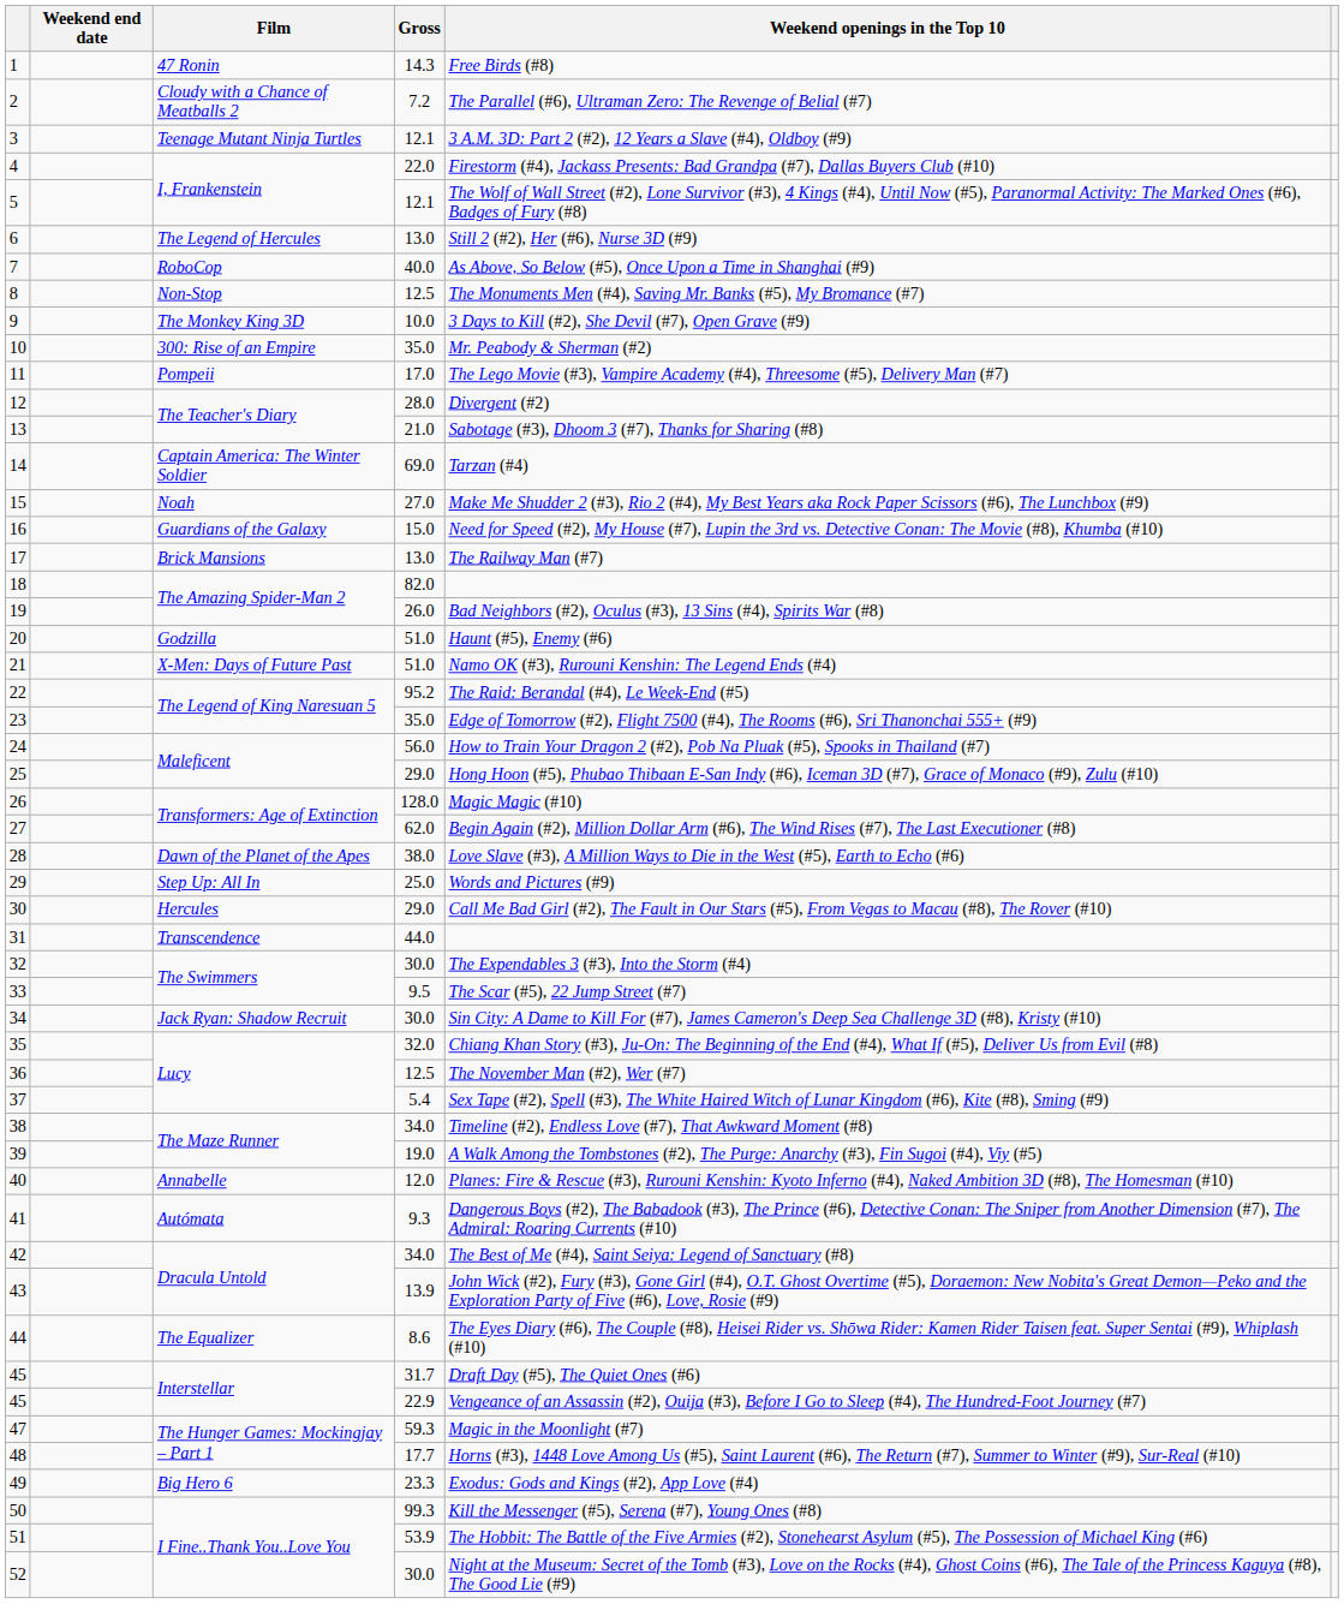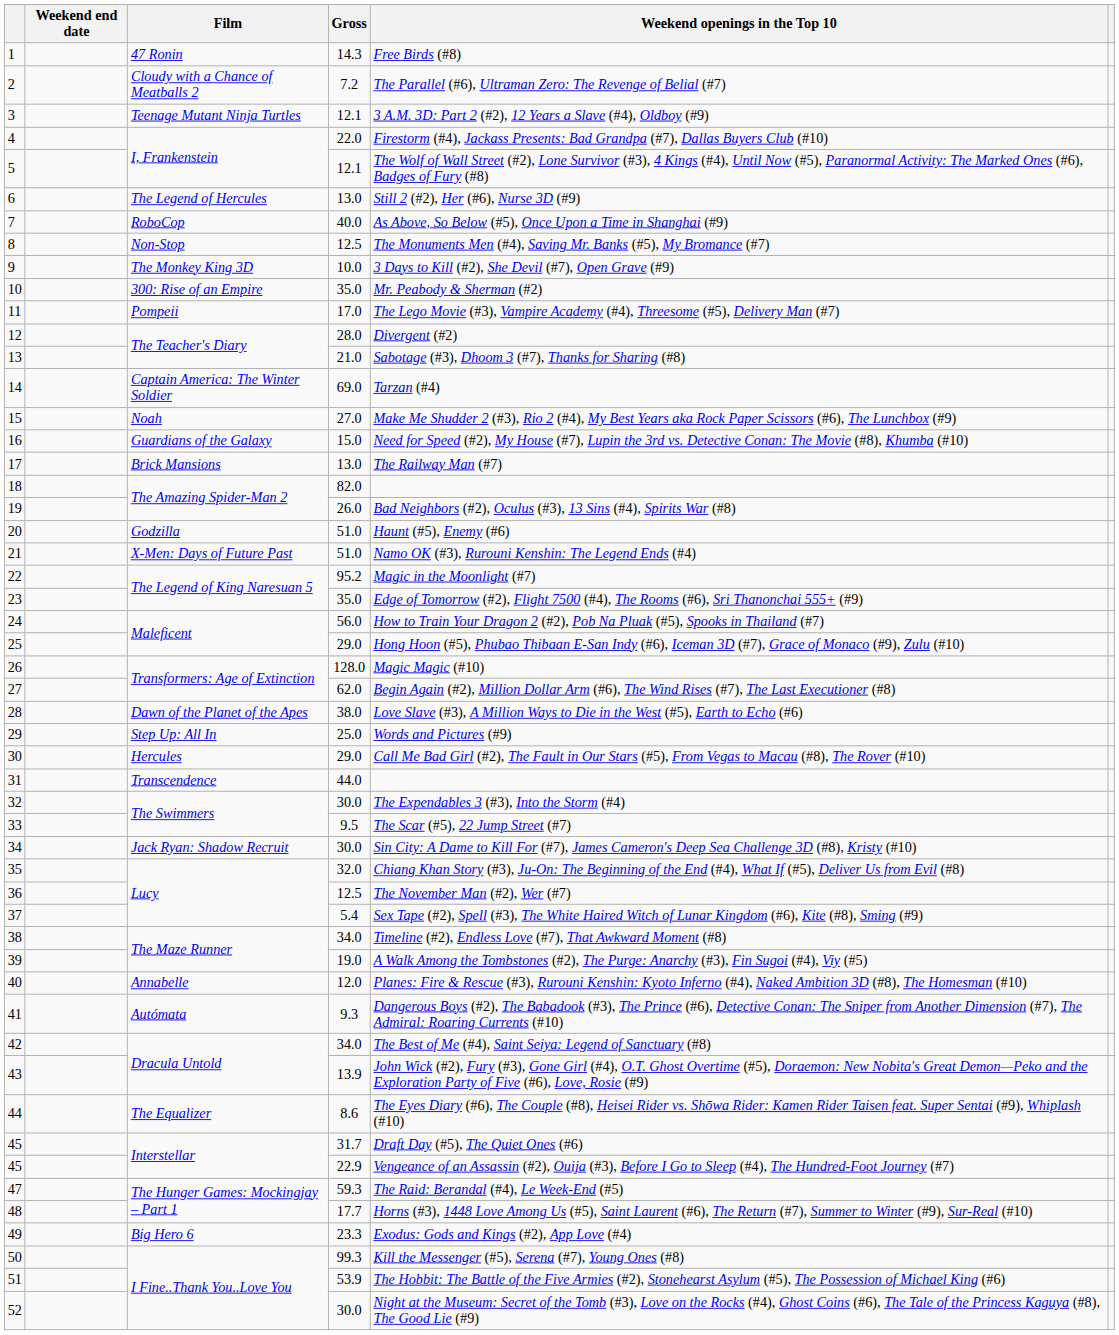 <table class="wikitable sortable">
 <tr>
 <th></th>
 <th>Weekend end date</th>
 <th>Film</th>
 <th>Gross<br></th>
 <th>Weekend openings in the Top 10</th>
 <th class="unsortable"></th>
 </tr>
 <tr>
 <td>1</td>
 <td></td>
 <td><em><a href='#'>47 Ronin</a></em></td>
 <td style="text-align:center;">14.3</td>
 <td><em><a href='#'>Free Birds</a></em> (#8)</td>
 <td style="text-align:center;"></td>
 </tr>
 <tr>
 <td>2</td>
 <td></td>
 <td><em><a href='#'>Cloudy with a Chance of Meatballs 2</a></em></td>
 <td style="text-align:center;">7.2</td>
 <td><em><a href='#'>The Parallel</a></em> (#6), <em><a href='#'>Ultraman Zero: The Revenge of Belial</a></em> (#7)</td>
 <td style="text-align:center;"></td>
 </tr>
 <tr>
 <td>3</td>
 <td></td>
 <td><em><a href='#'>Teenage Mutant Ninja Turtles</a></em></td>
 <td style="text-align:center;">12.1</td>
 <td><em><a href='#'>3 A.M. 3D: Part 2</a></em> (#2), <em><a href='#'>12 Years a Slave</a></em> (#4), <em><a href='#'>Oldboy</a></em> (#9)</td>
 <td style="text-align:center;"></td>
 </tr>
 <tr>
 <td>4</td>
 <td></td>
 <td rowspan=2><em><a href='#'>I, Frankenstein</a></em></td>
 <td style="text-align:center;">22.0</td>
 <td><em><a href='#'>Firestorm</a></em> (#4), <em><a href='#'>Jackass Presents: Bad Grandpa</a></em> (#7), <em><a href='#'>Dallas Buyers Club</a></em> (#10)</td>
 <td style="text-align:center;"></td>
 </tr>
 <tr>
 <td>5</td>
 <td></td>
 <td style="text-align:center;">12.1</td>
 <td><em><a href='#'>The Wolf of Wall Street</a></em> (#2), <em><a href='#'>Lone Survivor</a></em> (#3), <em><a href='#'>4 Kings</a></em> (#4), <em><a href='#'>Until Now</a></em> (#5), <em><a href='#'>Paranormal Activity: The Marked Ones</a></em> (#6), <em><a href='#'>Badges of Fury</a></em> (#8)</td>
 <td style="text-align:center;"></td>
 </tr>
 <tr>
 <td>6</td>
 <td></td>
 <td><em><a href='#'>The Legend of Hercules</a></em></td>
 <td style="text-align:center;">13.0</td>
 <td><em><a href='#'>Still 2</a></em> (#2), <em><a href='#'>Her</a></em> (#6), <em><a href='#'>Nurse 3D</a></em> (#9)</td>
 <td style="text-align:center;"></td>
 </tr>
 <tr>
 <td>7</td>
 <td></td>
 <td><em><a href='#'>RoboCop</a></em></td>
 <td style="text-align:center;">40.0</td>
 <td><em><a href='#'>As Above, So Below</a></em> (#5), <em><a href='#'>Once Upon a Time in Shanghai</a></em> (#9)</td>
 <td style="text-align:center;"></td>
 </tr>
 <tr>
 <td>8</td>
 <td></td>
 <td><em><a href='#'>Non-Stop</a></em></td>
 <td style="text-align:center;">12.5</td>
 <td><em><a href='#'>The Monuments Men</a></em> (#4), <em><a href='#'>Saving Mr. Banks</a></em> (#5), <em><a href='#'>My Bromance</a></em> (#7)</td>
 <td style="text-align:center;"></td>
 </tr>
 <tr>
 <td>9</td>
 <td></td>
 <td><em><a href='#'>The Monkey King 3D</a></em></td>
 <td style="text-align:center;">10.0</td>
 <td><em><a href='#'>3 Days to Kill</a></em> (#2), <em><a href='#'>She Devil</a></em> (#7), <em><a href='#'>Open Grave</a></em> (#9)</td>
 <td style="text-align:center;"></td>
 </tr>
 <tr>
 <td>10</td>
 <td></td>
 <td><em><a href='#'>300: Rise of an Empire</a></em></td>
 <td style="text-align:center;">35.0</td>
 <td><em><a href='#'>Mr. Peabody & Sherman</a></em> (#2)</td>
 <td style="text-align:center;"></td>
 </tr>
 <tr>
 <td>11</td>
 <td></td>
 <td><em><a href='#'>Pompeii</a></em></td>
 <td style="text-align:center;">17.0</td>
 <td><em><a href='#'>The Lego Movie</a></em> (#3), <em><a href='#'>Vampire Academy</a></em> (#4), <em><a href='#'>Threesome</a></em> (#5), <em><a href='#'>Delivery Man</a></em> (#7)</td>
 <td style="text-align:center;"></td>
 </tr>
 <tr>
 <td>12</td>
 <td></td>
 <td rowspan=2><em><a href='#'>The Teacher's Diary</a></em></td>
 <td style="text-align:center;">28.0</td>
 <td><em><a href='#'>Divergent</a></em> (#2)</td>
 <td style="text-align:center;"></td>
 </tr>
 <tr>
 <td>13</td>
 <td></td>
 <td style="text-align:center;">21.0</td>
 <td><em><a href='#'>Sabotage</a></em> (#3), <em><a href='#'>Dhoom 3</a></em> (#7), <em><a href='#'>Thanks for Sharing</a></em> (#8)</td>
 <td style="text-align:center;"></td>
 </tr>
 <tr>
 <td>14</td>
 <td></td>
 <td><em><a href='#'>Captain America: The Winter Soldier</a></em></td>
 <td style="text-align:center;">69.0</td>
 <td><em><a href='#'>Tarzan</a></em> (#4)</td>
 <td style="text-align:center;"></td>
 </tr>
 <tr>
 <td>15</td>
 <td></td>
 <td><em><a href='#'>Noah</a></em></td>
 <td style="text-align:center;">27.0</td>
 <td><em><a href='#'>Make Me Shudder 2</a></em> (#3), <em><a href='#'>Rio 2</a></em> (#4), <em><a href='#'>My Best Years aka Rock Paper Scissors</a></em> (#6), <em><a href='#'>The Lunchbox</a></em> (#9)</td>
 <td style="text-align:center;"></td>
 </tr>
 <tr>
 <td>16</td>
 <td></td>
 <td><em><a href='#'>Guardians of the Galaxy</a></em></td>
 <td style="text-align:center;">15.0</td>
 <td><em><a href='#'>Need for Speed</a></em> (#2), <em><a href='#'>My House</a></em> (#7), <em><a href='#'>Lupin the 3rd vs. Detective Conan: The Movie</a></em> (#8), <em><a href='#'>Khumba</a></em> (#10)</td>
 <td style="text-align:center;"></td>
 </tr>
 <tr>
 <td>17</td>
 <td></td>
 <td><em><a href='#'>Brick Mansions</a></em></td>
 <td style="text-align:center;">13.0</td>
 <td><em><a href='#'>The Railway Man</a></em> (#7)</td>
 <td style="text-align:center;"></td>
 </tr>
 <tr>
 <td>18</td>
 <td></td>
 <td rowspan=2><em><a href='#'>The Amazing Spider-Man 2</a></em></td>
 <td style="text-align:center;">82.0</td>
 <td></td>
 <td style="text-align:center;"></td>
 </tr>
 <tr>
 <td>19</td>
 <td></td>
 <td style="text-align:center;">26.0</td>
 <td><em><a href='#'>Bad Neighbors</a></em> (#2), <em><a href='#'>Oculus</a></em> (#3), <em><a href='#'>13 Sins</a></em> (#4), <em><a href='#'>Spirits War</a></em> (#8)</td>
 <td style="text-align:center;"></td>
 </tr>
 <tr>
 <td>20</td>
 <td></td>
 <td><em><a href='#'>Godzilla</a></em></td>
 <td style="text-align:center;">51.0</td>
 <td><em><a href='#'>Haunt</a></em> (#5), <em><a href='#'>Enemy</a></em> (#6)</td>
 <td style="text-align:center;"></td>
 </tr>
 <tr>
 <td>21</td>
 <td></td>
 <td><em><a href='#'>X-Men: Days of Future Past</a></em></td>
 <td style="text-align:center;">51.0</td>
 <td><em><a href='#'>Namo OK</a></em> (#3), <em><a href='#'>Rurouni Kenshin: The Legend Ends</a></em> (#4)</td>
 <td style="text-align:center;"></td>
 </tr>
 <tr>
 <td>22</td>
 <td></td>
 <td rowspan=2><em><a href='#'>The Legend of King Naresuan 5</a></em></td>
 <td style="text-align:center;">95.2</td>
-<td><em><a href='#'>The Raid: Berandal</a></em> (#4), <em><a href='#'>Le Week-End</a></em> (#5)</td>
+<td><em><a href='#'>Magic in the Moonlight</a></em> (#7)</td>
 <td style="text-align:center;"></td>
 </tr>
 <tr>
 <td>23</td>
 <td></td>
 <td style="text-align:center;">35.0</td>
 <td><em><a href='#'>Edge of Tomorrow</a></em> (#2), <em><a href='#'>Flight 7500</a></em> (#4), <em><a href='#'>The Rooms</a></em> (#6), <em><a href='#'>Sri Thanonchai 555+</a></em> (#9)</td>
 <td style="text-align:center;"></td>
 </tr>
 <tr>
 <td>24</td>
 <td></td>
 <td rowspan=2><em><a href='#'>Maleficent</a></em></td>
 <td style="text-align:center;">56.0</td>
 <td><em><a href='#'>How to Train Your Dragon 2</a></em> (#2), <em><a href='#'>Pob Na Pluak</a></em> (#5), <em><a href='#'>Spooks in Thailand</a></em> (#7)</td>
 <td style="text-align:center;"></td>
 </tr>
 <tr>
 <td>25</td>
 <td></td>
 <td style="text-align:center;">29.0</td>
 <td><em><a href='#'>Hong Hoon</a></em> (#5), <em><a href='#'>Phubao Thibaan E-San Indy</a></em> (#6), <em><a href='#'>Iceman 3D</a></em> (#7), <em><a href='#'>Grace of Monaco</a></em> (#9), <em><a href='#'>Zulu</a></em> (#10)</td>
 <td style="text-align:center;"></td>
 </tr>
 <tr>
 <td>26</td>
 <td></td>
 <td rowspan=2><em><a href='#'>Transformers: Age of Extinction</a></em></td>
 <td style="text-align:center;">128.0</td>
 <td><em><a href='#'>Magic Magic</a></em> (#10)</td>
 <td style="text-align:center;"></td>
 </tr>
 <tr>
 <td>27</td>
 <td></td>
 <td style="text-align:center;">62.0</td>
 <td><em><a href='#'>Begin Again</a></em> (#2), <em><a href='#'>Million Dollar Arm</a></em> (#6), <em><a href='#'>The Wind Rises</a></em> (#7), <em><a href='#'>The Last Executioner</a></em> (#8)</td>
 <td style="text-align:center;"></td>
 </tr>
 <tr>
 <td>28</td>
 <td></td>
 <td><em><a href='#'>Dawn of the Planet of the Apes</a></em></td>
 <td style="text-align:center;">38.0</td>
 <td><em><a href='#'>Love Slave</a></em> (#3), <em><a href='#'>A Million Ways to Die in the West</a></em> (#5), <em><a href='#'>Earth to Echo</a></em> (#6)</td>
 <td style="text-align:center;"></td>
 </tr>
 <tr>
 <td>29</td>
 <td></td>
 <td><em><a href='#'>Step Up: All In</a></em></td>
 <td style="text-align:center;">25.0</td>
 <td><em><a href='#'>Words and Pictures</a></em> (#9)</td>
 <td style="text-align:center;"></td>
 </tr>
 <tr>
 <td>30</td>
 <td></td>
 <td><em><a href='#'>Hercules</a></em></td>
 <td style="text-align:center;">29.0</td>
 <td><em><a href='#'>Call Me Bad Girl</a></em> (#2), <em><a href='#'>The Fault in Our Stars</a></em> (#5), <em><a href='#'>From Vegas to Macau</a></em> (#8), <em><a href='#'>The Rover</a></em> (#10)</td>
 <td style="text-align:center;"></td>
 </tr>
 <tr>
 <td>31</td>
 <td></td>
 <td><em><a href='#'>Transcendence</a></em></td>
 <td style="text-align:center;">44.0</td>
 <td></td>
 <td style="text-align:center;"></td>
 </tr>
 <tr>
 <td>32</td>
 <td></td>
 <td rowspan=2><em><a href='#'>The Swimmers</a></em></td>
 <td style="text-align:center;">30.0</td>
 <td><em><a href='#'>The Expendables 3</a></em> (#3), <em><a href='#'>Into the Storm</a></em> (#4)</td>
 <td style="text-align:center;"></td>
 </tr>
 <tr>
 <td>33</td>
 <td></td>
 <td style="text-align:center;">9.5</td>
 <td><em><a href='#'>The Scar</a></em> (#5), <em><a href='#'>22 Jump Street</a></em> (#7)</td>
 <td style="text-align:center;"></td>
 </tr>
 <tr>
 <td>34</td>
 <td></td>
 <td><em><a href='#'>Jack Ryan: Shadow Recruit</a></em></td>
 <td style="text-align:center;">30.0</td>
 <td><em><a href='#'>Sin City: A Dame to Kill For</a></em> (#7), <em><a href='#'>James Cameron's Deep Sea Challenge 3D</a></em> (#8), <em><a href='#'>Kristy</a></em> (#10)</td>
 <td style="text-align:center;"></td>
 </tr>
 <tr>
 <td>35</td>
 <td></td>
 <td rowspan=3><em><a href='#'>Lucy</a></em></td>
 <td style="text-align:center;">32.0</td>
 <td><em><a href='#'>Chiang Khan Story</a></em> (#3), <em><a href='#'>Ju-On: The Beginning of the End</a></em> (#4), <em><a href='#'>What If</a></em> (#5), <em><a href='#'>Deliver Us from Evil</a></em> (#8)</td>
 <td style="text-align:center;"></td>
 </tr>
 <tr>
 <td>36</td>
 <td></td>
 <td style="text-align:center;">12.5</td>
 <td><em><a href='#'>The November Man</a></em> (#2), <em><a href='#'>Wer</a></em> (#7)</td>
 <td style="text-align:center;"></td>
 </tr>
 <tr>
 <td>37</td>
 <td></td>
 <td style="text-align:center;">5.4</td>
 <td><em><a href='#'>Sex Tape</a></em> (#2), <em><a href='#'>Spell</a></em> (#3), <em><a href='#'>The White Haired Witch of Lunar Kingdom</a></em> (#6), <em><a href='#'>Kite</a></em> (#8), <em><a href='#'>Sming</a></em> (#9)</td>
 <td style="text-align:center;"></td>
 </tr>
 <tr>
 <td>38</td>
 <td></td>
 <td rowspan=2><em><a href='#'>The Maze Runner</a></em></td>
 <td style="text-align:center;">34.0</td>
 <td><em><a href='#'>Timeline</a></em> (#2), <em><a href='#'>Endless Love</a></em> (#7), <em><a href='#'>That Awkward Moment</a></em> (#8)</td>
 <td style="text-align:center;"></td>
 </tr>
 <tr>
 <td>39</td>
 <td></td>
 <td style="text-align:center;">19.0</td>
 <td><em><a href='#'>A Walk Among the Tombstones</a></em> (#2), <em><a href='#'>The Purge: Anarchy</a></em> (#3), <em><a href='#'>Fin Sugoi</a></em> (#4), <em><a href='#'>Viy</a></em> (#5)</td>
 <td style="text-align:center;"></td>
 </tr>
 <tr>
 <td>40</td>
 <td></td>
 <td><em><a href='#'>Annabelle</a></em></td>
 <td style="text-align:center;">12.0</td>
 <td><em><a href='#'>Planes: Fire & Rescue</a></em> (#3), <em><a href='#'>Rurouni Kenshin: Kyoto Inferno</a></em> (#4), <em><a href='#'>Naked Ambition 3D</a></em> (#8), <em><a href='#'>The Homesman</a></em> (#10)</td>
 <td style="text-align:center;"></td>
 </tr>
 <tr>
 <td>41</td>
 <td></td>
 <td><em><a href='#'>Autómata</a></em></td>
 <td style="text-align:center;">9.3</td>
 <td><em><a href='#'>Dangerous Boys</a></em> (#2), <em><a href='#'>The Babadook</a></em> (#3), <em><a href='#'>The Prince</a></em> (#6), <em><a href='#'>Detective Conan: The Sniper from Another Dimension</a></em> (#7), <em><a href='#'>The Admiral: Roaring Currents</a></em> (#10)</td>
 <td style="text-align:center;"></td>
 </tr>
 <tr>
 <td>42</td>
 <td></td>
 <td rowspan=2><em><a href='#'>Dracula Untold</a></em></td>
 <td style="text-align:center;">34.0</td>
 <td><em><a href='#'>The Best of Me</a></em> (#4), <em><a href='#'>Saint Seiya: Legend of Sanctuary</a></em> (#8)</td>
 <td style="text-align:center;"></td>
 </tr>
 <tr>
 <td>43</td>
 <td></td>
 <td style="text-align:center;">13.9</td>
 <td><em><a href='#'>John Wick</a></em> (#2), <em><a href='#'>Fury</a></em> (#3), <em><a href='#'>Gone Girl</a></em> (#4), <em><a href='#'>O.T. Ghost Overtime</a></em> (#5), <em><a href='#'>Doraemon: New Nobita's Great Demon—Peko and the Exploration Party of Five</a></em> (#6), <em><a href='#'>Love, Rosie</a></em> (#9)</td>
 <td style="text-align:center;"></td>
 </tr>
 <tr>
 <td>44</td>
 <td></td>
 <td><em><a href='#'>The Equalizer</a></em></td>
 <td style="text-align:center;">8.6</td>
 <td><em><a href='#'>The Eyes Diary</a></em> (#6), <em><a href='#'>The Couple</a></em> (#8), <em><a href='#'>Heisei Rider vs. Shōwa Rider: Kamen Rider Taisen feat. Super Sentai</a></em> (#9), <em><a href='#'>Whiplash</a></em> (#10)</td>
 <td style="text-align:center;"></td>
 </tr>
 <tr>
 <td>45</td>
 <td></td>
 <td rowspan=2><em><a href='#'>Interstellar</a></em></td>
 <td style="text-align:center;">31.7</td>
 <td><em><a href='#'>Draft Day</a></em> (#5), <em><a href='#'>The Quiet Ones</a></em> (#6)</td>
 <td style="text-align:center;"></td>
 </tr>
 <tr>
 <td>45</td>
 <td></td>
 <td style="text-align:center;">22.9</td>
 <td><em><a href='#'>Vengeance of an Assassin</a></em> (#2), <em><a href='#'>Ouija</a></em> (#3), <em><a href='#'>Before I Go to Sleep</a></em> (#4), <em><a href='#'>The Hundred-Foot Journey</a></em> (#7)</td>
 <td style="text-align:center;"></td>
 </tr>
 <tr>
 <td>47</td>
 <td></td>
 <td rowspan=2><em><a href='#'>The Hunger Games: Mockingjay – Part 1</a></em></td>
 <td style="text-align:center;">59.3</td>
-<td><em><a href='#'>Magic in the Moonlight</a></em> (#7)</td>
+<td><em><a href='#'>The Raid: Berandal</a></em> (#4), <em><a href='#'>Le Week-End</a></em> (#5)</td>
 <td style="text-align:center;"></td>
 </tr>
 <tr>
 <td>48</td>
 <td></td>
 <td style="text-align:center;">17.7</td>
 <td><em><a href='#'>Horns</a></em> (#3), <em><a href='#'>1448 Love Among Us</a></em> (#5), <em><a href='#'>Saint Laurent</a></em> (#6), <em><a href='#'>The Return</a></em> (#7), <em><a href='#'>Summer to Winter</a></em> (#9), <em><a href='#'>Sur-Real</a></em> (#10)</td>
 <td style="text-align:center;"></td>
 </tr>
 <tr>
 <td>49</td>
 <td></td>
 <td><em><a href='#'>Big Hero 6</a></em></td>
 <td style="text-align:center;">23.3</td>
 <td><em><a href='#'>Exodus: Gods and Kings</a></em> (#2), <em><a href='#'>App Love</a></em> (#4)</td>
 <td style="text-align:center;"></td>
 </tr>
 <tr>
 <td>50</td>
 <td></td>
 <td rowspan=3><em><a href='#'>I Fine..Thank You..Love You</a></em></td>
 <td style="text-align:center;">99.3</td>
 <td><em><a href='#'>Kill the Messenger</a></em> (#5), <em><a href='#'>Serena</a></em> (#7), <em><a href='#'>Young Ones</a></em> (#8)</td>
 <td style="text-align:center;"></td>
 </tr>
 <tr>
 <td>51</td>
 <td></td>
 <td style="text-align:center;">53.9</td>
 <td><em><a href='#'>The Hobbit: The Battle of the Five Armies</a></em> (#2), <em><a href='#'>Stonehearst Asylum</a></em> (#5), <em><a href='#'>The Possession of Michael King</a></em> (#6)</td>
 <td style="text-align:center;"></td>
 </tr>
 <tr>
 <td>52</td>
 <td></td>
 <td style="text-align:center;">30.0</td>
 <td><em><a href='#'>Night at the Museum: Secret of the Tomb</a></em> (#3), <em><a href='#'>Love on the Rocks</a></em> (#4), <em><a href='#'>Ghost Coins</a></em> (#6), <em><a href='#'>The Tale of the Princess Kaguya</a></em> (#8), <em><a href='#'>The Good Lie</a></em> (#9)</td>
 <td style="text-align:center;"></td>
 </tr>
 </table>
